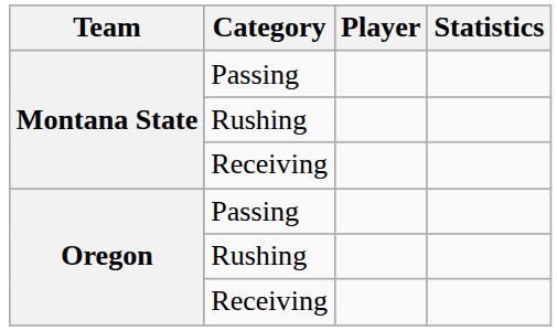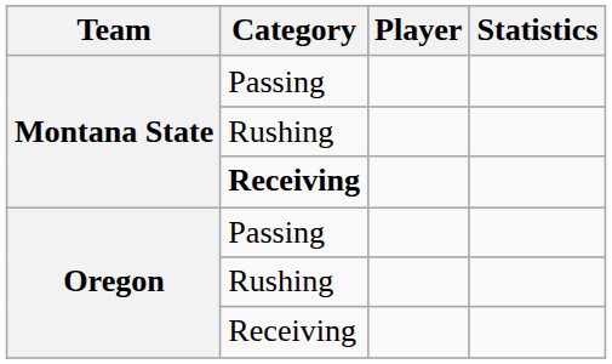 <table class="wikitable" style="float:right">
 <tr>
 <th>Team</th>
 <th>Category</th>
 <th>Player</th>
 <th>Statistics</th>
 </tr>
 <tr>
 <th rowspan=3>Montana State</th>
 <td>Passing</td>
 <td></td>
 <td></td>
 </tr>
 <tr>
 <td>Rushing</td>
 <td></td>
 <td></td>
 </tr>
 <tr>
-<td>Receiving</td>
+<td><strong>Receiving</strong></td>
 <td></td>
 <td></td>
 </tr>
 <tr>
 <th rowspan=3>Oregon</th>
 <td>Passing</td>
 <td></td>
 <td></td>
 </tr>
 <tr>
 <td>Rushing</td>
 <td></td>
 <td></td>
 </tr>
 <tr>
 <td>Receiving</td>
 <td></td>
 <td></td>
 </tr>
 </table>
